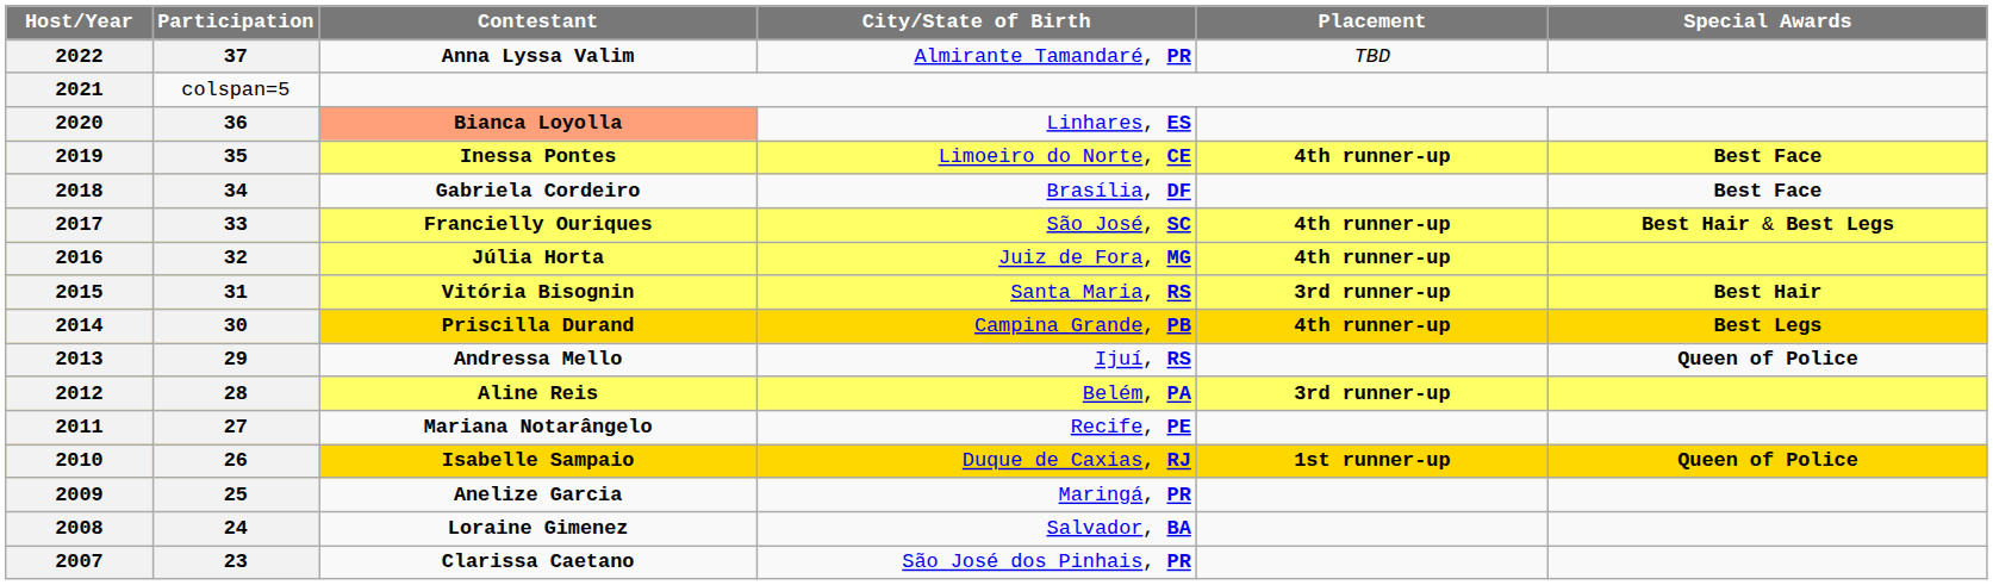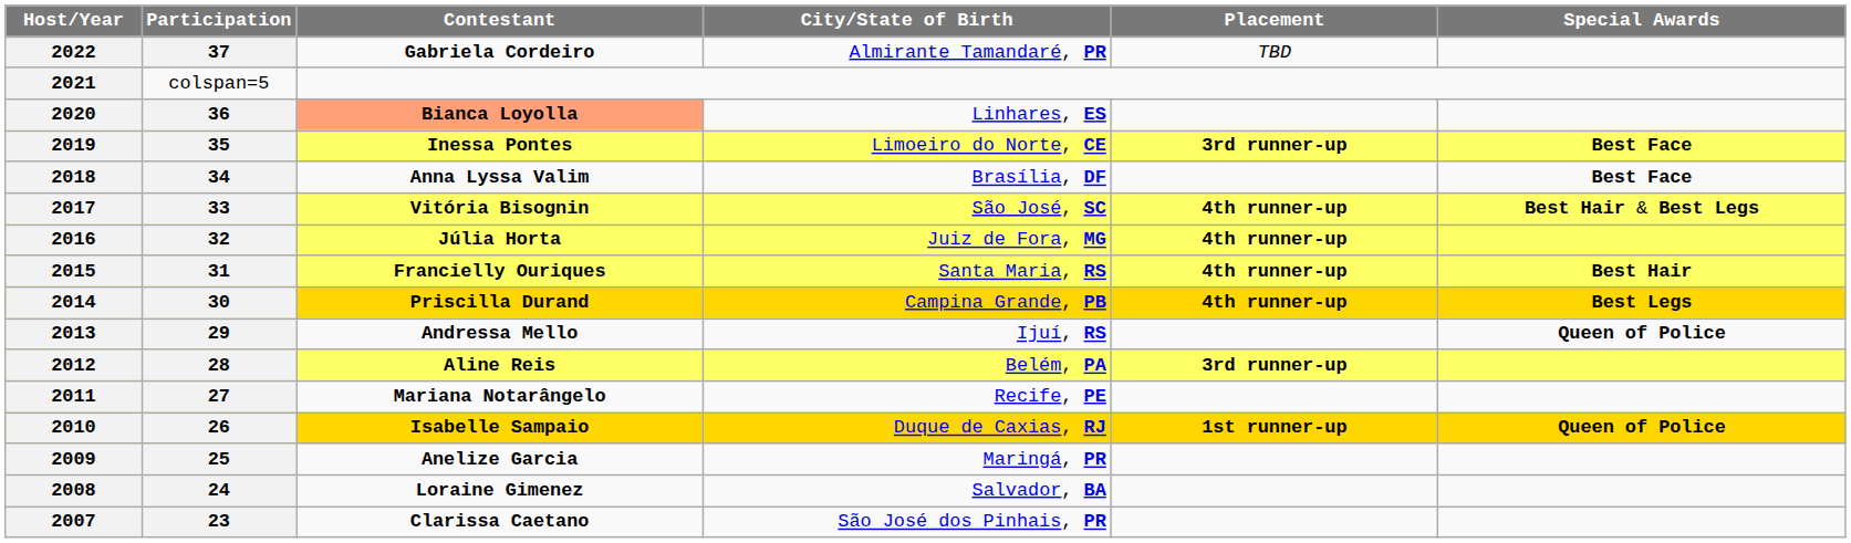 <table class="wikitable sortable" style="font-size: 90%; text-align:center">
 <tr>
 <th width="80" style="background-color:#787878;color:#FFFFFF;">Host/Year</th>
 <th width="80" style="background-color:#787878;color:#FFFFFF;">Participation</th>
 <th width="250" style="background-color:#787878;color:#FFFFFF;">Contestant</th>
 <th width="250" style="background-color:#787878;color:#FFFFFF;">City/State of Birth</th>
 <th width="200" style="background-color:#787878;color:#FFFFFF;">Placement</th>
 <th width="250" style="background-color:#787878;color:#FFFFFF;">Special Awards</th>
 </tr>
 <tr>
 <th>2022</th>
 <th>37</th>
-<td><strong>Anna Lyssa Valim</strong></td>
+<td><strong>Gabriela Cordeiro</strong></td>
 <td align="right"><a href='#'>Almirante Tamandaré</a>, <strong><a href='#'>PR</a></strong></td>
 <td><em>TBD</em></td>
 <td></td>
 </tr>
 <tr>
 <th>2021</th>
 <td>colspan=5 </td>
 </tr>
 <tr>
 <th>2020</th>
 <th>36</th>
 <td style="background: lightsalmon;"><strong>Bianca Loyolla</strong></td>
 <td align="right"><a href='#'>Linhares</a>, <strong><a href='#'>ES</a></strong></td>
 <td></td>
 <td></td>
 </tr>
 <tr bgcolor="FFFF66">
 <th>2019</th>
 <th>35</th>
 <td><strong>Inessa Pontes</strong></td>
 <td align="right"><a href='#'>Limoeiro do Norte</a>, <strong><a href='#'>CE</a></strong></td>
-<td><strong>4th runner-up</strong></td>
+<td><strong>3rd runner-up</strong></td>
 <td><strong>Best Face</strong></td>
 </tr>
 <tr>
 <th>2018</th>
 <th>34</th>
-<td><strong>Gabriela Cordeiro</strong></td>
+<td><strong>Anna Lyssa Valim</strong></td>
 <td align="right"><a href='#'>Brasília</a>, <strong><a href='#'>DF</a></strong></td>
 <td></td>
 <td><strong>Best Face</strong></td>
 </tr>
 <tr bgcolor="FFFF66">
 <th>2017</th>
 <th>33</th>
-<td><strong>Francielly Ouriques</strong></td>
+<td><strong>Vitória Bisognin</strong></td>
 <td align="right"><a href='#'>São José</a>, <strong><a href='#'>SC</a></strong></td>
 <td><strong>4th runner-up</strong></td>
 <td><strong>Best Hair</strong> & <strong>Best Legs</strong></td>
 </tr>
 <tr bgcolor="FFFF66">
 <th>2016</th>
 <th>32</th>
 <td><strong>Júlia Horta</strong></td>
 <td align="right"><a href='#'>Juiz de Fora</a>, <strong><a href='#'>MG</a></strong></td>
 <td><strong>4th runner-up</strong></td>
 <td></td>
 </tr>
 <tr bgcolor="FFFF66">
 <th>2015</th>
 <th>31</th>
-<td><strong>Vitória Bisognin</strong></td>
+<td><strong>Francielly Ouriques</strong></td>
 <td align="right"><a href='#'>Santa Maria</a>, <strong><a href='#'>RS</a></strong></td>
-<td><strong>3rd runner-up</strong></td>
+<td><strong>4th runner-up</strong></td>
 <td><strong>Best Hair</strong></td>
 </tr>
 <tr bgcolor="gold">
 <th>2014</th>
 <th>30</th>
 <td><strong>Priscilla Durand</strong></td>
 <td align="right"><a href='#'>Campina Grande</a>, <strong><a href='#'>PB</a></strong></td>
 <td><strong>4th runner-up</strong></td>
 <td><strong>Best Legs</strong></td>
 </tr>
 <tr>
 <th>2013</th>
 <th>29</th>
 <td><strong>Andressa Mello</strong></td>
 <td align="right"><a href='#'>Ijuí</a>, <strong><a href='#'>RS</a></strong></td>
 <td></td>
 <td><strong>Queen of Police</strong></td>
 </tr>
 <tr bgcolor="FFFF66">
 <th>2012</th>
 <th>28</th>
 <td><strong>Aline Reis</strong></td>
 <td align="right"><a href='#'>Belém</a>, <strong><a href='#'>PA</a></strong></td>
 <td><strong>3rd runner-up</strong></td>
 <td></td>
 </tr>
 <tr>
 <th>2011</th>
 <th>27</th>
 <td><strong>Mariana Notarângelo</strong></td>
 <td align="right"><a href='#'>Recife</a>, <strong><a href='#'>PE</a></strong></td>
 <td></td>
 <td></td>
 </tr>
 <tr bgcolor="gold">
 <th>2010</th>
 <th>26</th>
 <td><strong>Isabelle Sampaio</strong></td>
 <td align="right"><a href='#'>Duque de Caxias</a>, <strong><a href='#'>RJ</a></strong></td>
 <td><strong>1st runner-up</strong></td>
 <td><strong>Queen of Police</strong></td>
 </tr>
 <tr>
 <th>2009</th>
 <th>25</th>
 <td><strong>Anelize Garcia</strong></td>
 <td align="right"><a href='#'>Maringá</a>, <strong><a href='#'>PR</a></strong></td>
 <td></td>
 <td></td>
 </tr>
 <tr>
 <th>2008</th>
 <th>24</th>
 <td><strong>Loraine Gimenez</strong></td>
 <td align="right"><a href='#'>Salvador</a>, <strong><a href='#'>BA</a></strong></td>
 <td></td>
 <td></td>
 </tr>
 <tr>
 <th>2007</th>
 <th>23</th>
 <td><strong>Clarissa Caetano</strong></td>
 <td align="right"><a href='#'>São José dos Pinhais</a>, <strong><a href='#'>PR</a></strong></td>
 <td></td>
 <td></td>
 </tr>
 </table>
